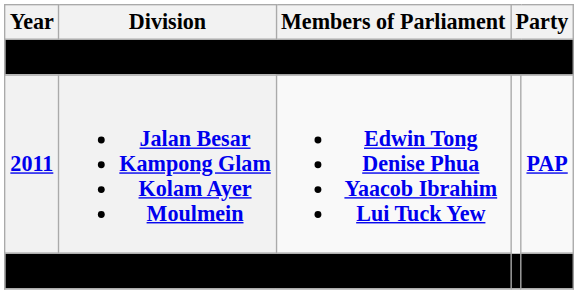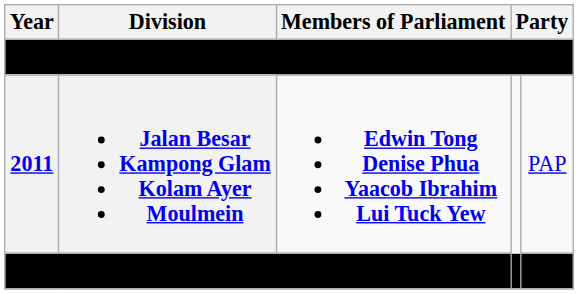 <table class="wikitable" align="center" style="text-align:center">
 <tr>
 <th>Year</th>
 <th>Division</th>
 <th>Members of Parliament</th>
 <th colspan="2">Party</th>
 </tr>
 <tr>
 <td colspan="5" bgcolor="black"><span><strong>Formation</strong></span></td>
 </tr>
 <tr>
 <th><a href='#'>2011</a></th>
 <th><br><ul><li><a href='#'>Jalan Besar</a></li><li><a href='#'>Kampong Glam</a></li><li><a href='#'>Kolam Ayer</a></li><li><a href='#'>Moulmein</a></li></ul></th>
 <td><strong><br><ul><li><a href='#'>Edwin Tong</a></li><li><a href='#'>Denise Phua</a></li><li><a href='#'>Yaacob Ibrahim</a></li><li><a href='#'>Lui Tuck Yew</a></li></ul></strong></td>
 <td rowspan="2"></td>
-<td><strong><a href='#'>PAP</a></strong></td>
+<td><a href='#'>PAP</a></td>
 </tr>
 <tr>
 <td colspan="5" bgcolor="black"><span><strong>Constituency abolished (2015)</strong></span></td>
 </tr>
 </table>
